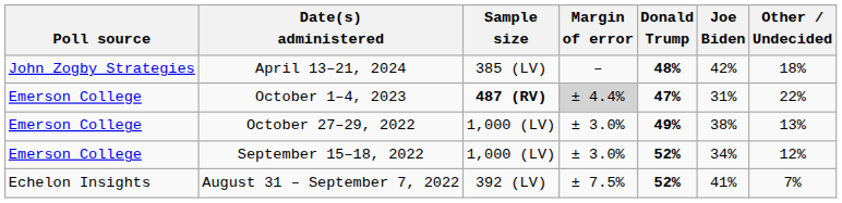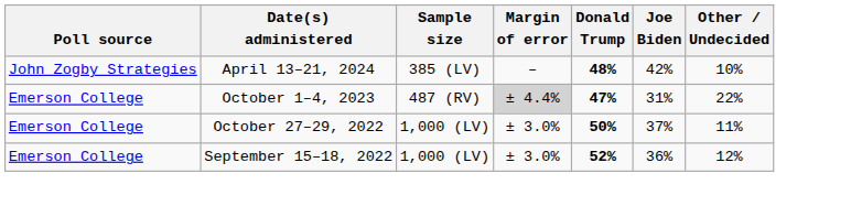 <table class="wikitable sortable mw-datatable" style="font-size:90%;text-align:center;line-height:17px">
 <tr valign=bottom>
 <th>Poll source</th>
 <th>Date(s)<br>administered</th>
 <th>Sample<br>size</th>
 <th>Margin<br>of error</th>
 <th class="unsortable">Donald<br>Trump<br></th>
 <th class="unsortable">Joe<br>Biden<br></th>
 <th class="unsortable">Other /<br>Undecided</th>
 </tr>
 <tr>
 <td style="text-align:left;"><a href='#'>John Zogby Strategies</a></td>
 <td data-sort-value="2024-05-01">April 13–21, 2024</td>
 <td>385 (LV)</td>
 <td>–</td>
 <td style="background-color:"><strong>48%</strong></td>
 <td>42%</td>
-<td>18%</td>
+<td>10%</td>
 </tr>
 <tr>
 <td style="text-align:left;"><a href='#'>Emerson College</a></td>
 <td data-sort-value=2023-10-04>October 1–4, 2023</td>
-<td><strong>487 (RV)</strong></td>
+<td>487 (RV)</td>
 <td style="background: lightgrey;">± 4.4%</td>
 <td style="background-color:"><strong>47%</strong></td>
 <td>31%</td>
 <td>22%</td>
 </tr>
 <tr>
 <td style="text-align:left;"><a href='#'>Emerson College</a></td>
 <td data-sort-value=2022-10-29>October 27–29, 2022</td>
 <td>1,000 (LV)</td>
 <td>± 3.0%</td>
-<td style="background-color:"><strong>49%</strong></td>
-<td>38%</td>
-<td>13%</td>
+<td style="background-color:"><strong>50%</strong></td>
+<td>37%</td>
+<td>11%</td>
 </tr>
 <tr>
 <td style="text-align:left;"><a href='#'>Emerson College</a></td>
 <td data-sort-value=2022-09-18>September 15–18, 2022</td>
 <td>1,000 (LV)</td>
 <td>± 3.0%</td>
 <td style="background-color:"><strong>52%</strong></td>
-<td>34%</td>
+<td>36%</td>
 <td>12%</td>
 </tr>
-<tr>
-<td style="text-align:left;">Echelon Insights</td>
-<td data-sort-value=2022-09-07>August 31 – September 7, 2022</td>
-<td>392 (LV)</td>
-<td>± 7.5%</td>
-<td style="background-color:"><strong>52%</strong></td>
-<td>41%</td>
-<td>7%</td>
-</tr>
 </table>
